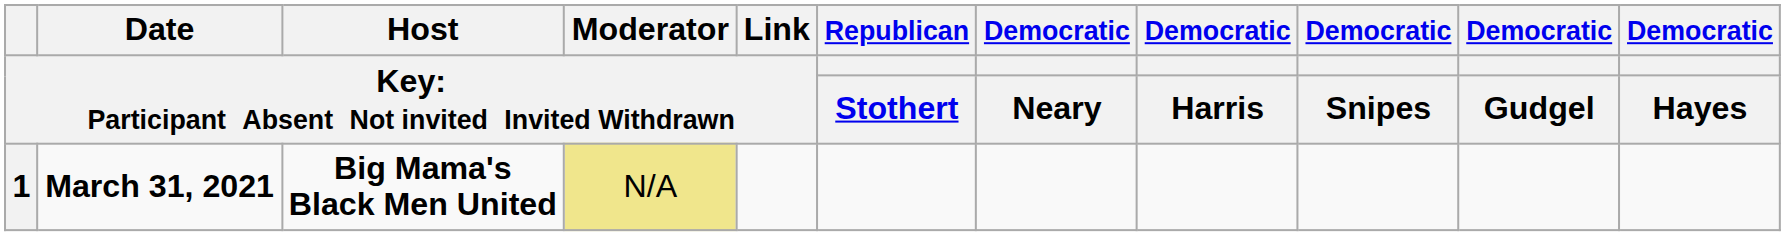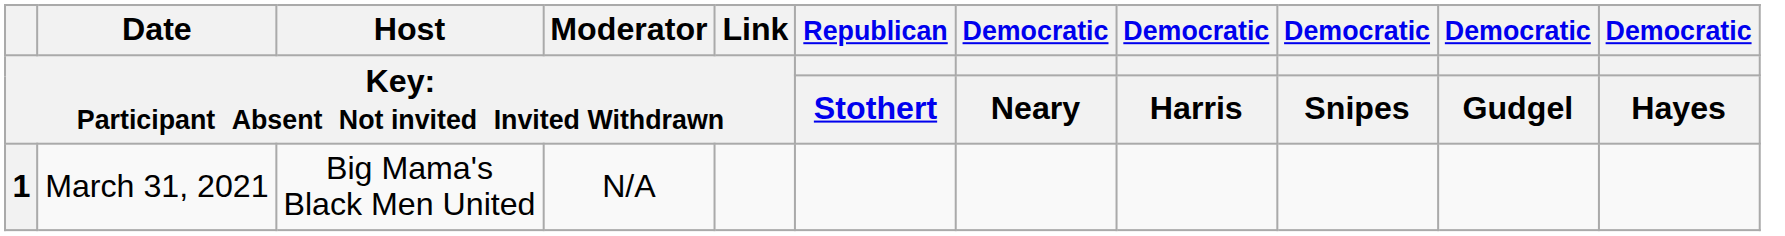 <table class="wikitable" style="text-align:center;">
 <tr>
 <th scope="col"></th>
 <th scope="col">Date</th>
 <th scope="col">Host</th>
 <th scope="col">Moderator</th>
 <th scope="col">Link</th>
 <th scope="col"><small><a href='#'>Republican</a></small></th>
 <th scope="col"><small><a href='#'>Democratic</a></small></th>
 <th scope="col"><small><a href='#'>Democratic</a></small></th>
 <th scope="col"><small><a href='#'>Democratic</a></small></th>
 <th scope="col"><small><a href='#'>Democratic</a></small></th>
 <th scope="col"><small><a href='#'>Democratic</a></small></th>
 </tr>
 <tr>
 <th colspan="5" rowspan="2">Key:<br> <small>Participant </small>  <small>Absent </small>  <small>Not invited </small>  <small>Invited  Withdrawn</small></th>
 <th scope="col" style="background:"></th>
 <th scope="col" style="background:"></th>
 <th scope="col" style="background:"></th>
 <th scope="col" style="background:"></th>
 <th scope="col" style="background:"></th>
 <th scope="col" style="background:"></th>
 </tr>
 <tr>
 <th scope="col"><a href='#'>Stothert</a></th>
 <th scope="col">Neary</th>
 <th scope="col">Harris</th>
 <th scope="col">Snipes</th>
 <th scope="col">Gudgel</th>
 <th scope="col">Hayes</th>
 </tr>
 <tr>
 <th>1</th>
-<td style="white-space:nowrap;"><strong>March 31, 2021</strong></td>
-<td style="white-space:nowrap;"><strong>Big Mama's<br>Black Men United</strong></td>
-<td style="background: khaki; white-space:nowrap;">N/A</td>
+<td style="white-space:nowrap;">March 31, 2021</td>
+<td style="white-space:nowrap;">Big Mama's<br>Black Men United</td>
+<td style="white-space:nowrap;">N/A</td>
 <td style="white-space:nowrap;"></td>
 <td></td>
 <td></td>
 <td></td>
 <td></td>
 <td></td>
 <td></td>
 </tr>
 </table>
